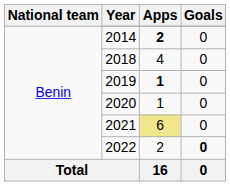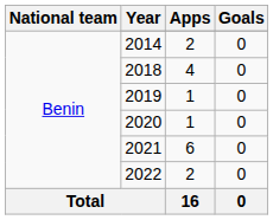 <table class="wikitable" style="text-align:center">
 <tr>
 <th>National team</th>
 <th>Year</th>
 <th>Apps</th>
 <th>Goals</th>
 </tr>
 <tr>
 <td rowspan=7><a href='#'>Benin</a></td>
 </tr>
 <tr>
 <td>2014</td>
-<td><strong>2</strong></td>
+<td>2</td>
 <td>0</td>
 </tr>
 <tr>
 <td>2018</td>
 <td>4</td>
 <td>0</td>
 </tr>
 <tr>
 <td>2019</td>
-<td><strong>1</strong></td>
+<td>1</td>
 <td>0</td>
 </tr>
 <tr>
 <td>2020</td>
 <td>1</td>
 <td>0</td>
 </tr>
 <tr>
 <td>2021</td>
-<td style="background: khaki;">6</td>
+<td>6</td>
 <td>0</td>
 </tr>
 <tr>
 <td>2022</td>
 <td>2</td>
-<td><strong>0</strong></td>
+<td>0</td>
 </tr>
 <tr>
 <th colspan="2">Total</th>
 <th>16</th>
 <th>0</th>
 </tr>
 </table>
